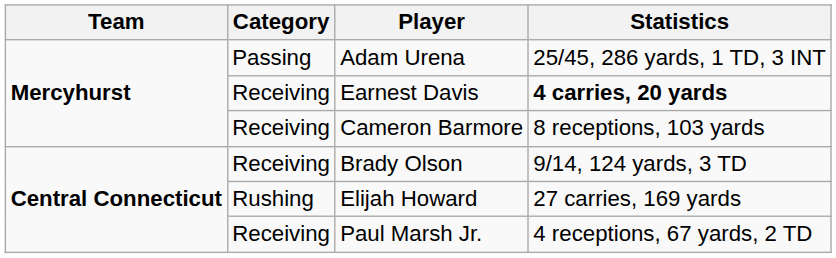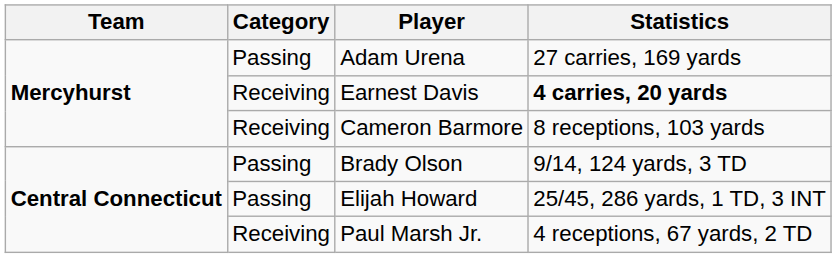 <table class="wikitable" style="float: right;">
 <tr>
 <th>Team</th>
 <th>Category</th>
 <th>Player</th>
 <th>Statistics</th>
 </tr>
 <tr>
 <td rowspan=3><strong>Mercyhurst</strong></td>
 <td>Passing</td>
 <td>Adam Urena</td>
-<td>25/45, 286 yards, 1 TD, 3 INT</td>
+<td>27 carries, 169 yards</td>
 </tr>
 <tr>
 <td>Receiving</td>
 <td>Earnest Davis</td>
 <td><strong>4 carries, 20 yards</strong></td>
 </tr>
 <tr>
 <td>Receiving</td>
 <td>Cameron Barmore</td>
 <td>8 receptions, 103 yards</td>
 </tr>
 <tr>
 <td rowspan=3><strong>Central Connecticut</strong></td>
-<td>Receiving</td>
+<td>Passing</td>
 <td>Brady Olson</td>
 <td>9/14, 124 yards, 3 TD</td>
 </tr>
 <tr>
-<td>Rushing</td>
+<td>Passing</td>
 <td>Elijah Howard</td>
-<td>27 carries, 169 yards</td>
+<td>25/45, 286 yards, 1 TD, 3 INT</td>
 </tr>
 <tr>
 <td>Receiving</td>
 <td>Paul Marsh Jr.</td>
 <td>4 receptions, 67 yards, 2 TD</td>
 </tr>
 </table>
